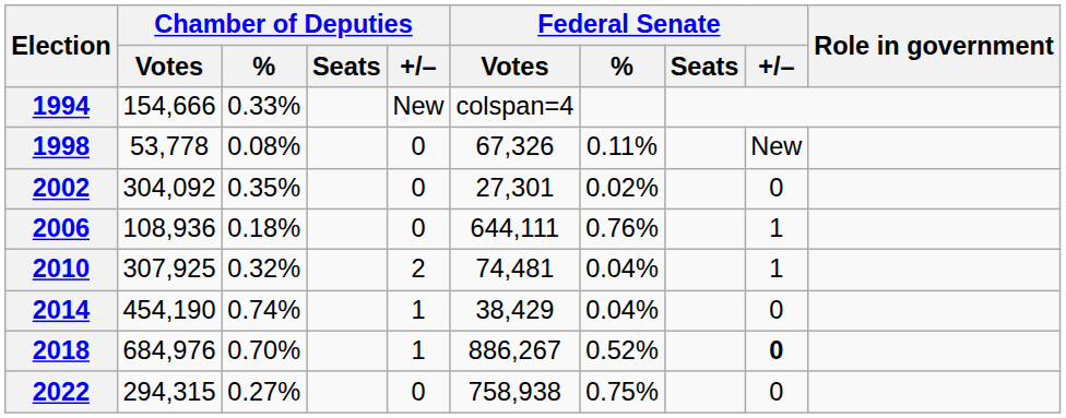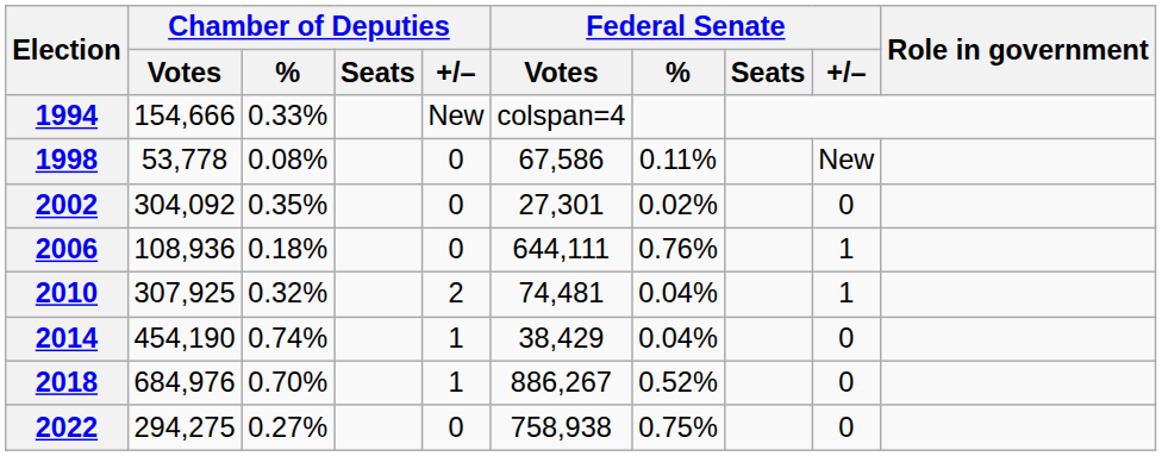 <table class=wikitable style=text-align:center>
 <tr>
 <th rowspan="2">Election</th>
 <th colspan="4"><a href='#'>Chamber of Deputies</a></th>
 <th colspan="4"><a href='#'>Federal Senate</a></th>
 <th rowspan="2"><strong>Role in government</strong></th>
 </tr>
 <tr>
 <th><strong>Votes</strong></th>
 <th><strong>%</strong></th>
 <th><strong>Seats</strong></th>
 <th>+/–</th>
 <th><strong>Votes</strong></th>
 <th><strong>%</strong></th>
 <th><strong>Seats</strong></th>
 <th>+/–</th>
 </tr>
 <tr>
 <th><a href='#'>1994</a></th>
 <td align="center">154,666</td>
 <td align="center">0.33%</td>
 <td style="text-align:center;"></td>
 <td>New</td>
 <td>colspan=4 </td>
 <td></td>
 </tr>
 <tr>
 <th><a href='#'>1998</a></th>
 <td align="center">53,778</td>
 <td align="center">0.08%</td>
 <td style="text-align:center;"></td>
 <td> 0</td>
-<td align="center">67,326</td>
+<td align="center">67,586</td>
 <td align="center">0.11%</td>
 <td style="text-align:center;"></td>
 <td>New</td>
 <td></td>
 </tr>
 <tr>
 <th><a href='#'>2002</a></th>
 <td align="center">304,092</td>
 <td align="center">0.35%</td>
 <td style="text-align:center;"></td>
 <td> 0</td>
 <td align="center">27,301</td>
 <td align="center">0.02%</td>
 <td style="text-align:center;"></td>
 <td> 0</td>
 <td></td>
 </tr>
 <tr>
 <th><a href='#'>2006</a></th>
 <td align="center">108,936</td>
 <td align="center">0.18%</td>
 <td style="text-align:center;"></td>
 <td> 0</td>
 <td align="center">644,111</td>
 <td align="center">0.76%</td>
 <td style="text-align:center;"></td>
 <td> 1</td>
 <td></td>
 </tr>
 <tr>
 <th><a href='#'>2010</a></th>
 <td align="center">307,925</td>
 <td align="center">0.32%</td>
 <td style="text-align:center;"></td>
 <td> 2</td>
 <td align="center">74,481</td>
 <td align="center">0.04%</td>
 <td style="text-align:center;"></td>
 <td> 1</td>
 <td></td>
 </tr>
 <tr>
 <th><a href='#'>2014</a></th>
 <td align="center">454,190</td>
 <td align="center">0.74%</td>
 <td style="text-align:center;"></td>
 <td> 1</td>
 <td align="center">38,429</td>
 <td align="center">0.04%</td>
 <td style="text-align:center;"></td>
 <td> 0</td>
 <td></td>
 </tr>
 <tr>
 <th><a href='#'>2018</a></th>
 <td align="center">684,976</td>
 <td align="center">0.70%</td>
 <td style="text-align:center;"></td>
 <td> 1</td>
 <td align="center">886,267</td>
 <td align="center">0.52%</td>
 <td style="text-align:center;"></td>
-<td><strong> 0</strong></td>
+<td> 0</td>
 <td></td>
 </tr>
 <tr>
 <th><a href='#'>2022</a></th>
-<td align="center">294,315</td>
+<td align="center">294,275</td>
 <td align="center">0.27%</td>
 <td style="text-align:center;"></td>
 <td> 0</td>
 <td align="center">758,938</td>
 <td align="center">0.75%</td>
 <td style="text-align:center;"></td>
 <td> 0</td>
 <td></td>
 </tr>
 </table>
